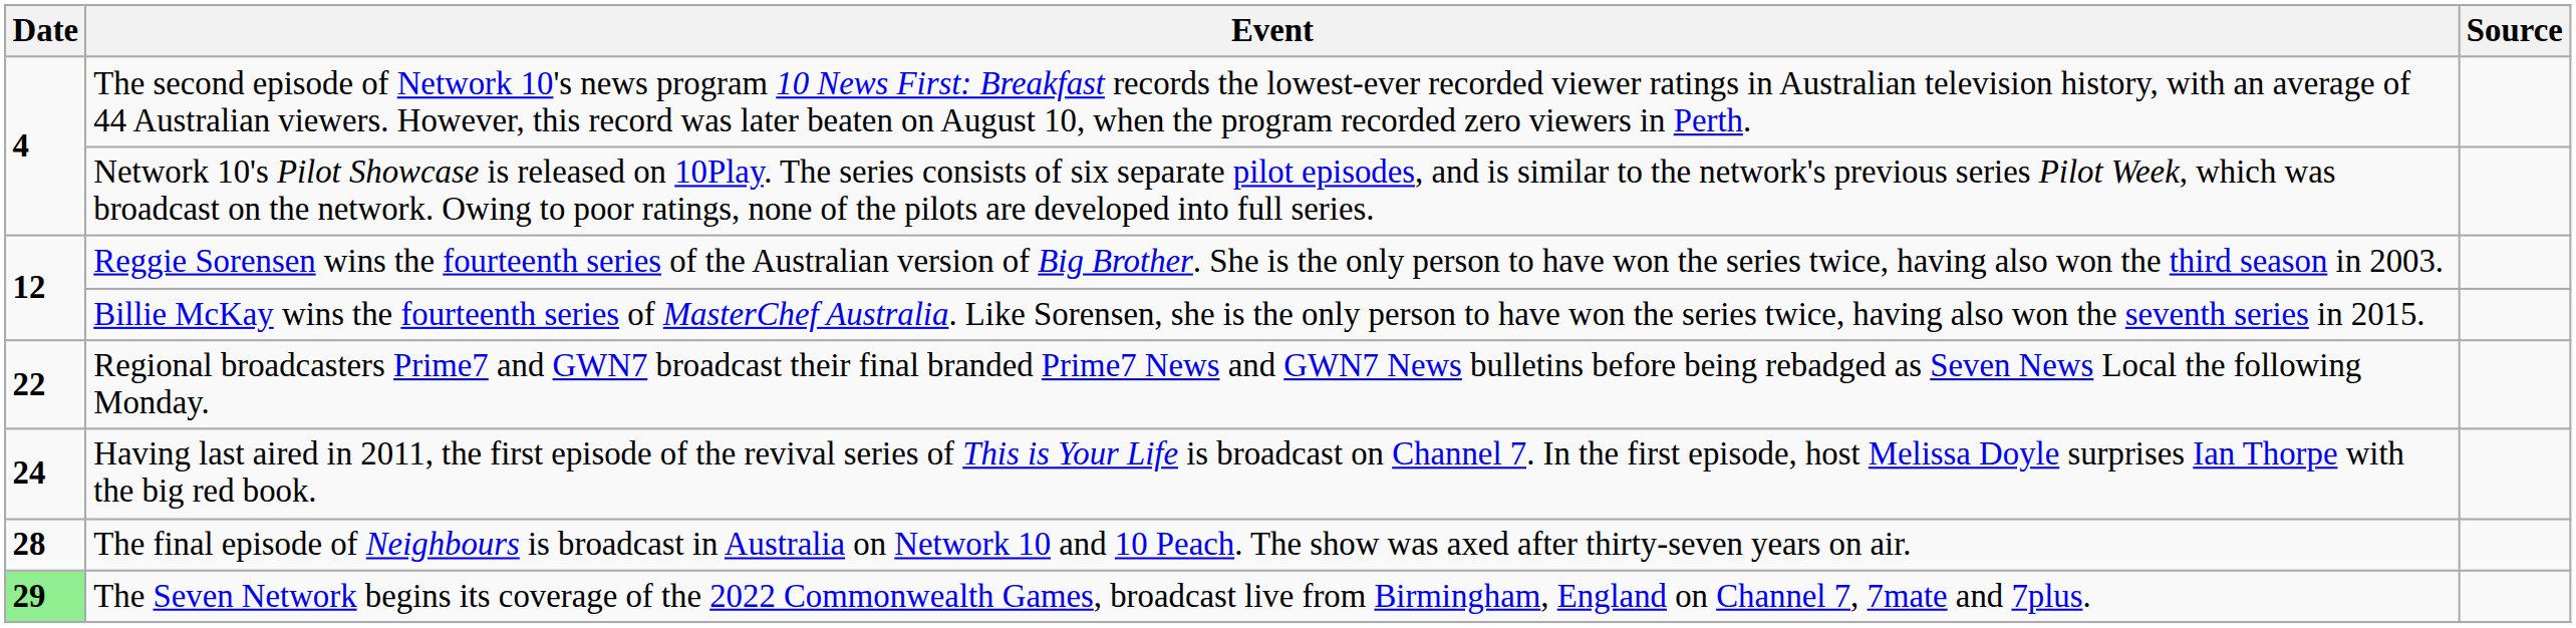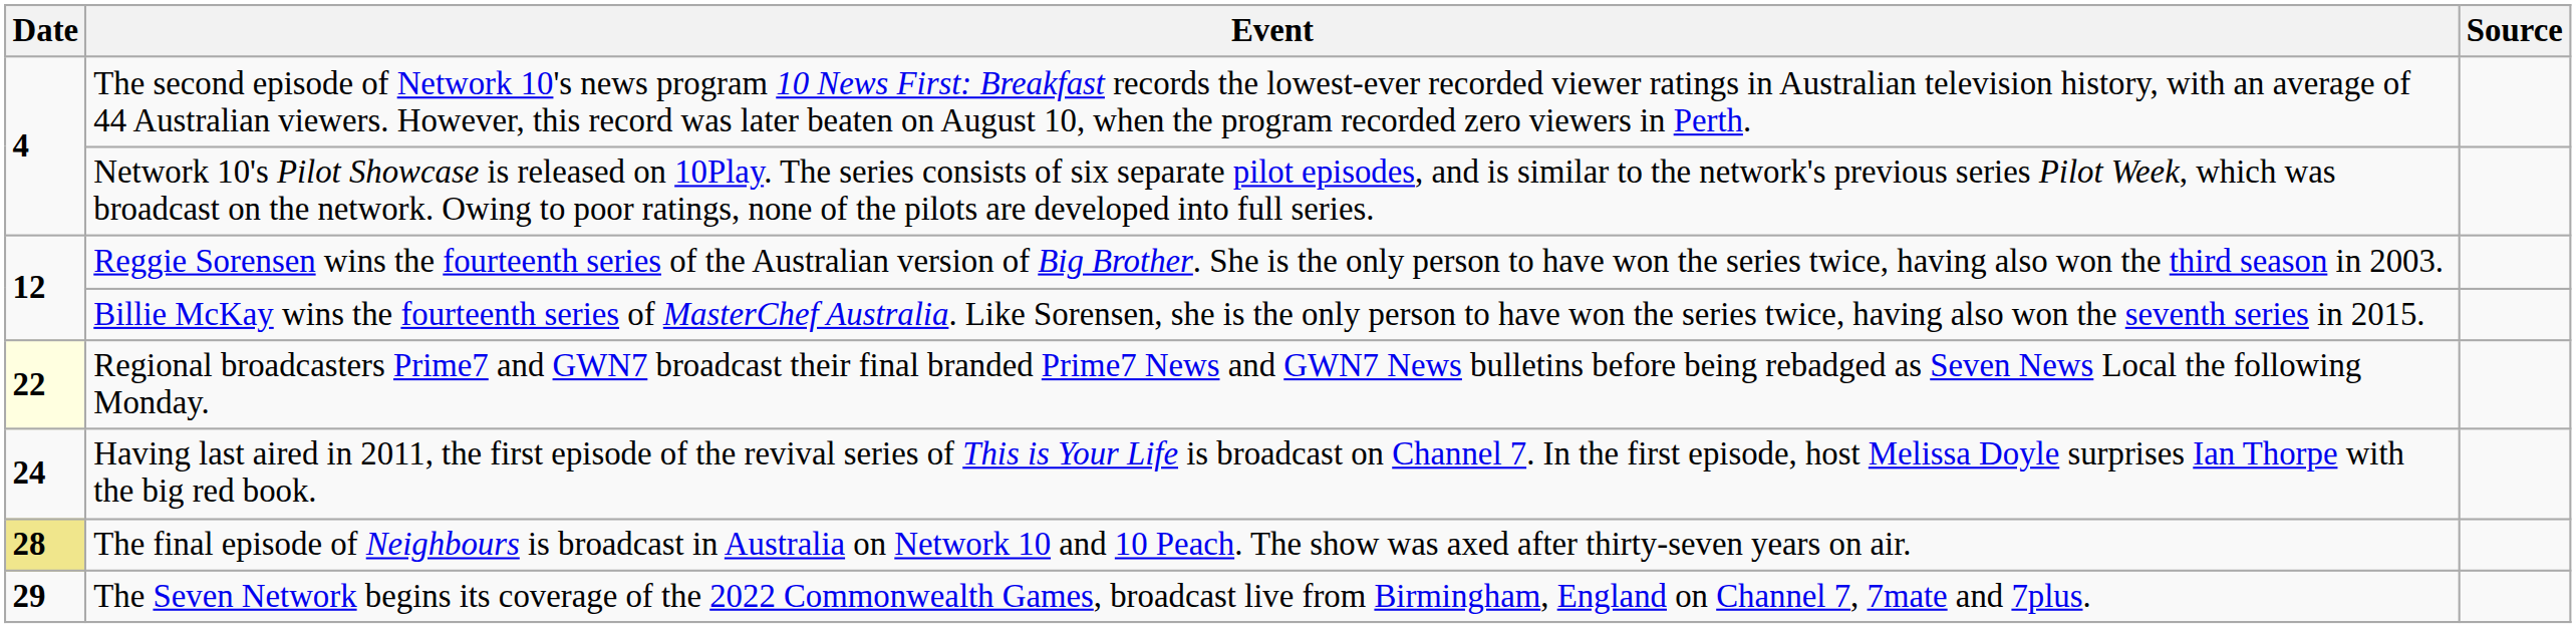 <table class="wikitable">
 <tr>
 <th>Date</th>
 <th>Event</th>
 <th>Source</th>
 </tr>
 <tr>
 <td rowspan=2><strong>4</strong></td>
 <td>The second episode of <a href='#'>Network 10</a>'s news program <em><a href='#'>10 News First: Breakfast</a></em> records the lowest-ever recorded viewer ratings in Australian television history, with an average of 44 Australian viewers. However, this record was later beaten on August 10, when the program recorded zero viewers in <a href='#'>Perth</a>.</td>
 <td></td>
 </tr>
 <tr>
 <td>Network 10's <em>Pilot Showcase</em> is released on <a href='#'>10Play</a>. The series consists of six separate <a href='#'>pilot episodes</a>, and is similar to the network's previous series <em>Pilot Week</em>, which was broadcast on the network. Owing to poor ratings, none of the pilots are developed into full series.</td>
 <td></td>
 </tr>
 <tr>
 <td rowspan=2><strong>12</strong></td>
 <td><a href='#'>Reggie Sorensen</a> wins the <a href='#'>fourteenth series</a> of the Australian version of <em><a href='#'>Big Brother</a></em>. She is the only person to have won the series twice, having also won the <a href='#'>third season</a> in 2003.</td>
 <td></td>
 </tr>
 <tr>
 <td><a href='#'>Billie McKay</a> wins the <a href='#'>fourteenth series</a> of <em><a href='#'>MasterChef Australia</a></em>. Like Sorensen, she is the only person to have won the series twice, having also won the <a href='#'>seventh series</a> in 2015.</td>
 <td></td>
 </tr>
 <tr>
-<td><strong>22</strong></td>
+<td style="background: lightyellow;"><strong>22</strong></td>
 <td>Regional broadcasters <a href='#'>Prime7</a> and <a href='#'>GWN7</a> broadcast their final branded <a href='#'>Prime7 News</a> and <a href='#'>GWN7 News</a> bulletins before being rebadged as <a href='#'>Seven News</a> Local the following Monday.</td>
 <td></td>
 </tr>
 <tr>
 <td><strong>24</strong></td>
 <td>Having last aired in 2011, the first episode of the revival series of <em><a href='#'>This is Your Life</a></em> is broadcast on <a href='#'>Channel 7</a>. In the first episode, host <a href='#'>Melissa Doyle</a> surprises <a href='#'>Ian Thorpe</a> with the big red book.</td>
 <td></td>
 </tr>
 <tr>
-<td><strong>28</strong></td>
+<td style="background: khaki;"><strong>28</strong></td>
 <td>The final episode of <em><a href='#'>Neighbours</a></em> is broadcast in <a href='#'>Australia</a> on <a href='#'>Network 10</a> and <a href='#'>10 Peach</a>. The show was axed after thirty-seven years on air.</td>
 <td></td>
 </tr>
 <tr>
-<td style="background: lightgreen;"><strong>29</strong></td>
+<td><strong>29</strong></td>
 <td>The <a href='#'>Seven Network</a> begins its coverage of the <a href='#'>2022 Commonwealth Games</a>, broadcast live from <a href='#'>Birmingham</a>, <a href='#'>England</a> on <a href='#'>Channel 7</a>, <a href='#'>7mate</a> and <a href='#'>7plus</a>.</td>
 <td></td>
 </tr>
 <tr>
 </tr>
 </table>
